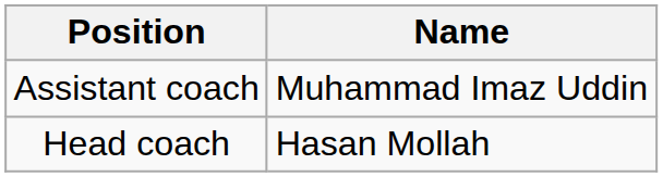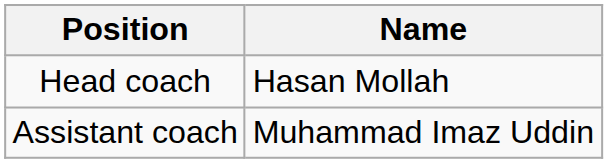 <table class="wikitable" style="text-align:center;margin-left:1em;float:center">
 <tr>
 <th>Position</th>
 <th>Name</th>
 </tr>
 <tr>
+<td>Head coach</td>
+<td style="text-align:left"> Hasan Mollah</td>
+</tr>
+<tr>
 <td>Assistant coach</td>
 <td style="text-align:left"> Muhammad Imaz Uddin</td>
 </tr>
-<tr>
-<td>Head coach</td>
-<td style="text-align:left"> Hasan Mollah</td>
-</tr>
 </table>
